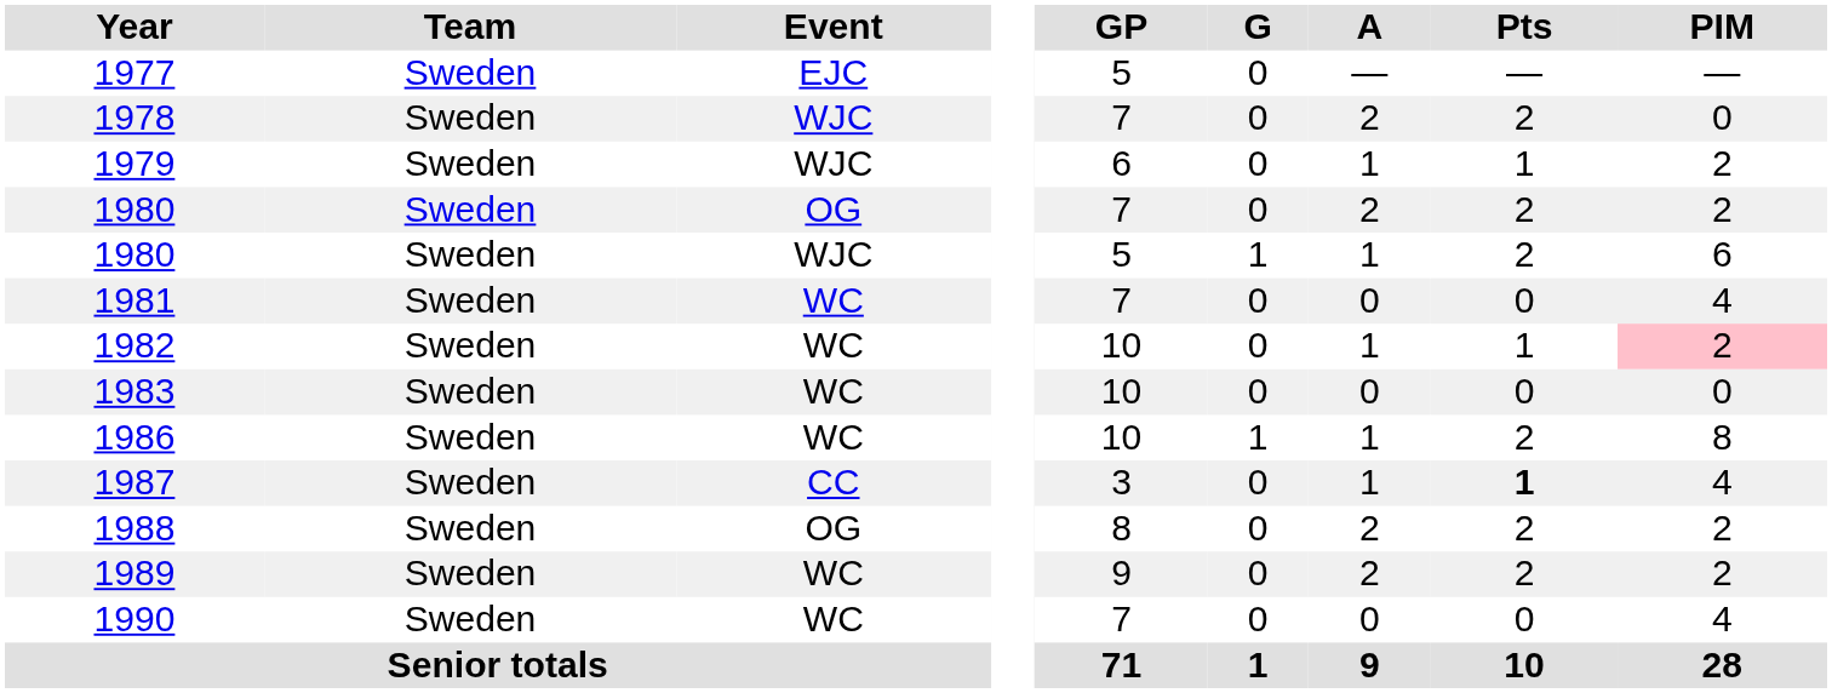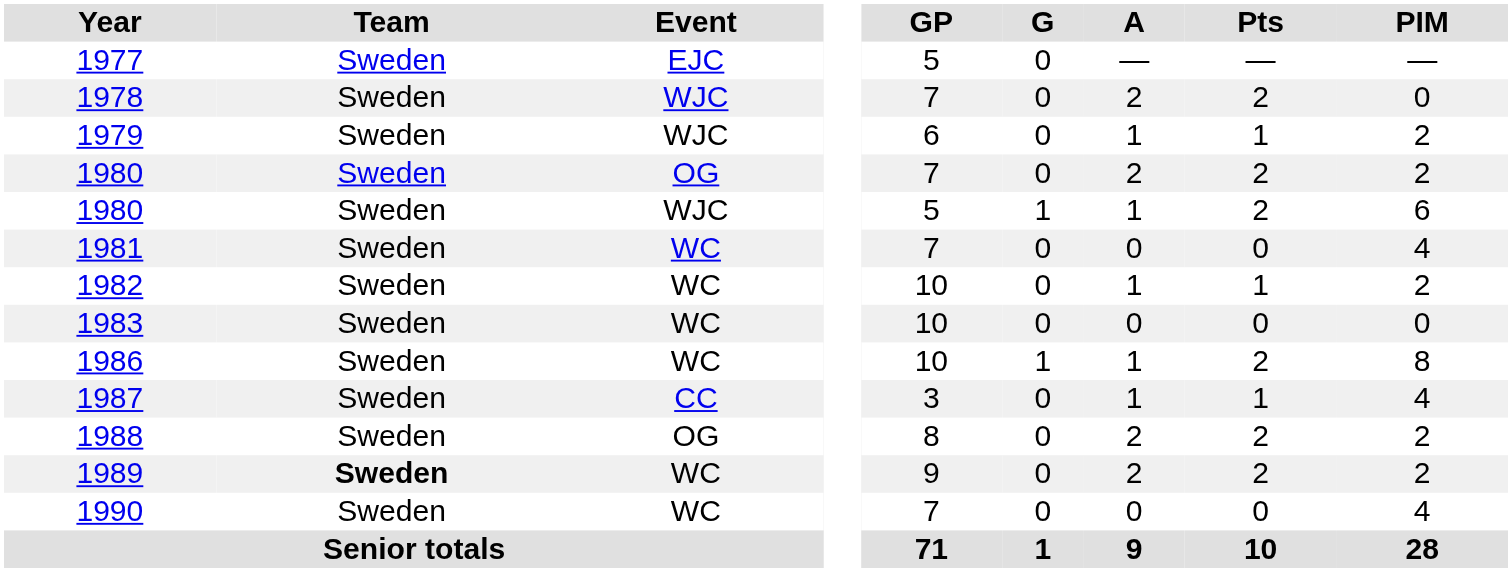 <table border="0" cellpadding="1" cellspacing="0" style="text-align:center; width:50em">
 <tr ALIGN="center" bgcolor="#e0e0e0">
 <th>Year</th>
 <th>Team</th>
 <th>Event</th>
 <th rowspan="99" bgcolor="#ffffff"> </th>
 <th>GP</th>
 <th>G</th>
 <th>A</th>
 <th>Pts</th>
 <th>PIM</th>
 </tr>
 <tr>
 <td><a href='#'>1977</a></td>
 <td><a href='#'>Sweden</a></td>
 <td><a href='#'>EJC</a></td>
 <td>5</td>
 <td>0</td>
 <td>—</td>
 <td>—</td>
 <td>—</td>
 </tr>
 <tr bgcolor="#f0f0f0">
 <td><a href='#'>1978</a></td>
 <td>Sweden</td>
 <td><a href='#'>WJC</a></td>
 <td>7</td>
 <td>0</td>
 <td>2</td>
 <td>2</td>
 <td>0</td>
 </tr>
 <tr>
 <td><a href='#'>1979</a></td>
 <td>Sweden</td>
 <td>WJC</td>
 <td>6</td>
 <td>0</td>
 <td>1</td>
 <td>1</td>
 <td>2</td>
 </tr>
 <tr bgcolor="#f0f0f0">
 <td><a href='#'>1980</a></td>
 <td><a href='#'>Sweden</a></td>
 <td><a href='#'>OG</a></td>
 <td>7</td>
 <td>0</td>
 <td>2</td>
 <td>2</td>
 <td>2</td>
 </tr>
 <tr>
 <td><a href='#'>1980</a></td>
 <td>Sweden</td>
 <td>WJC</td>
 <td>5</td>
 <td>1</td>
 <td>1</td>
 <td>2</td>
 <td>6</td>
 </tr>
 <tr bgcolor="#f0f0f0">
 <td><a href='#'>1981</a></td>
 <td>Sweden</td>
 <td><a href='#'>WC</a></td>
 <td>7</td>
 <td>0</td>
 <td>0</td>
 <td>0</td>
 <td>4</td>
 </tr>
 <tr>
 <td><a href='#'>1982</a></td>
 <td>Sweden</td>
 <td>WC</td>
 <td>10</td>
 <td>0</td>
 <td>1</td>
 <td>1</td>
-<td style="background: pink;">2</td>
+<td>2</td>
 </tr>
 <tr bgcolor="#f0f0f0">
 <td><a href='#'>1983</a></td>
 <td>Sweden</td>
 <td>WC</td>
 <td>10</td>
 <td>0</td>
 <td>0</td>
 <td>0</td>
 <td>0</td>
 </tr>
 <tr>
 <td><a href='#'>1986</a></td>
 <td>Sweden</td>
 <td>WC</td>
 <td>10</td>
 <td>1</td>
 <td>1</td>
 <td>2</td>
 <td>8</td>
 </tr>
 <tr bgcolor="#f0f0f0">
 <td><a href='#'>1987</a></td>
 <td>Sweden</td>
 <td><a href='#'>CC</a></td>
 <td>3</td>
 <td>0</td>
 <td>1</td>
-<td><strong>1</strong></td>
+<td>1</td>
 <td>4</td>
 </tr>
 <tr>
 <td><a href='#'>1988</a></td>
 <td>Sweden</td>
 <td>OG</td>
 <td>8</td>
 <td>0</td>
 <td>2</td>
 <td>2</td>
 <td>2</td>
 </tr>
 <tr bgcolor="#f0f0f0">
 <td><a href='#'>1989</a></td>
-<td>Sweden</td>
+<td><strong>Sweden</strong></td>
 <td>WC</td>
 <td>9</td>
 <td>0</td>
 <td>2</td>
 <td>2</td>
 <td>2</td>
 </tr>
 <tr>
 <td><a href='#'>1990</a></td>
 <td>Sweden</td>
 <td>WC</td>
 <td>7</td>
 <td>0</td>
 <td>0</td>
 <td>0</td>
 <td>4</td>
 </tr>
 <tr bgcolor="#e0e0e0">
 <th colspan=3>Senior totals</th>
 <th>71</th>
 <th>1</th>
 <th>9</th>
 <th>10</th>
 <th>28</th>
 </tr>
 </table>
